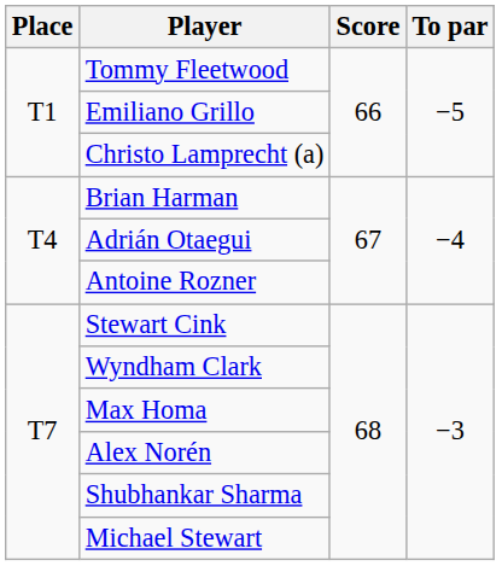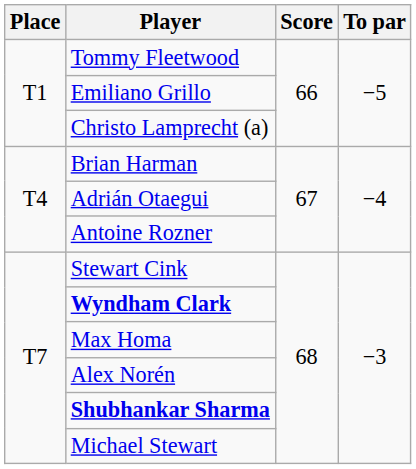 <table class="wikitable">
 <tr>
 <th>Place</th>
 <th>Player</th>
 <th>Score</th>
 <th>To par</th>
 </tr>
 <tr>
 <td rowspan=3 align=center>T1</td>
 <td> <a href='#'>Tommy Fleetwood</a></td>
 <td rowspan=3 align=center>66</td>
 <td rowspan=3 align=center>−5</td>
 </tr>
 <tr>
 <td> <a href='#'>Emiliano Grillo</a></td>
 </tr>
 <tr>
 <td> <a href='#'>Christo Lamprecht</a> (a)</td>
 </tr>
 <tr>
 <td rowspan=3 align=center>T4</td>
 <td> <a href='#'>Brian Harman</a></td>
 <td rowspan=3 align=center>67</td>
 <td rowspan=3 align=center>−4</td>
 </tr>
 <tr>
 <td> <a href='#'>Adrián Otaegui</a></td>
 </tr>
 <tr>
 <td> <a href='#'>Antoine Rozner</a></td>
 </tr>
 <tr>
 <td rowspan=6 align=center>T7</td>
 <td> <a href='#'>Stewart Cink</a></td>
 <td rowspan=6 align=center>68</td>
 <td rowspan=6 align=center>−3</td>
 </tr>
 <tr>
-<td> <a href='#'>Wyndham Clark</a></td>
+<td><strong> <a href='#'>Wyndham Clark</a></strong></td>
 </tr>
 <tr>
 <td> <a href='#'>Max Homa</a></td>
 </tr>
 <tr>
 <td> <a href='#'>Alex Norén</a></td>
 </tr>
 <tr>
-<td> <a href='#'>Shubhankar Sharma</a></td>
+<td><strong> <a href='#'>Shubhankar Sharma</a></strong></td>
 </tr>
 <tr>
 <td> <a href='#'>Michael Stewart</a></td>
 </tr>
 </table>
